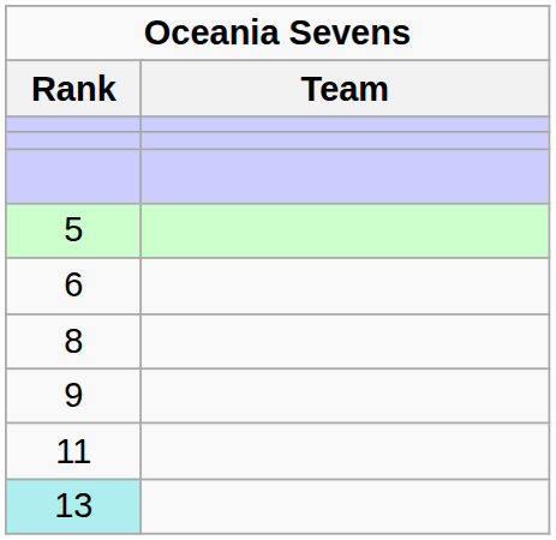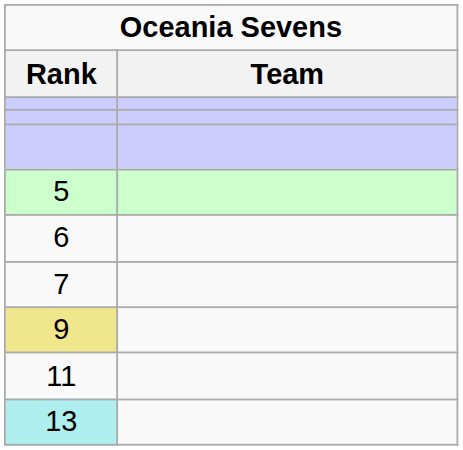 <table class="wikitable" style="text-align: center;">
 <tr>
 <td colspan=2><strong>Oceania Sevens</strong></td>
 </tr>
 <tr>
 <th width=55>Rank</th>
 <th width=180>Team</th>
 </tr>
 <tr bgcolor=#ccf>
 <td></td>
 <td align=left></td>
 </tr>
 <tr bgcolor=#ccf>
 <td></td>
 <td align=left></td>
 </tr>
 <tr bgcolor=#ccf>
 <td></td>
 <td align=left><br></td>
 </tr>
 <tr bgcolor=#cfc>
 <td>5</td>
 <td align=left></td>
 </tr>
 <tr>
 <td>6</td>
 <td align=left></td>
 </tr>
 <tr>
-<td>8</td>
+<td>7</td>
 <td align=left><br></td>
 </tr>
 <tr>
-<td>9</td>
+<td style="background: khaki;">9</td>
 <td align=left><br></td>
 </tr>
 <tr>
 <td>11</td>
 <td align=left><br></td>
 </tr>
 <tr>
 <td style="background: paleturquoise;">13</td>
 <td align=left></td>
 </tr>
 </table>
